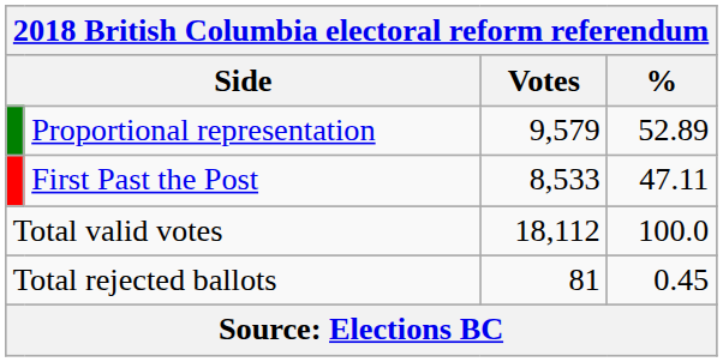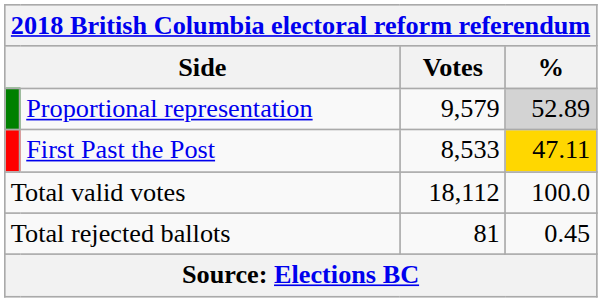 <table class="wikitable">
 <tr>
 <th colspan=4><a href='#'>2018 British Columbia electoral reform referendum</a></th>
 </tr>
 <tr>
 <th colspan=2>Side</th>
 <th>Votes</th>
 <th>%</th>
 </tr>
 <tr>
 <td bgcolor="green"></td>
 <td><a href='#'>Proportional representation</a></td>
 <td align="right">9,579</td>
-<td align="right">52.89</td>
+<td align="right" style="background: lightgrey;">52.89</td>
 </tr>
 <tr>
 <td bgcolor="red"></td>
 <td><a href='#'>First Past the Post</a></td>
 <td align="right">8,533</td>
-<td align="right">47.11</td>
+<td align="right" style="background: gold;">47.11</td>
 </tr>
 <tr>
 <td colspan=2>Total valid votes</td>
 <td align="right">18,112</td>
 <td align="right">100.0</td>
 </tr>
 <tr>
 <td colspan="2">Total rejected ballots</td>
 <td align="right">81</td>
 <td align="right">0.45</td>
 </tr>
 <tr>
 <th colspan="4">Source: <a href='#'>Elections BC</a></th>
 </tr>
 </table>
